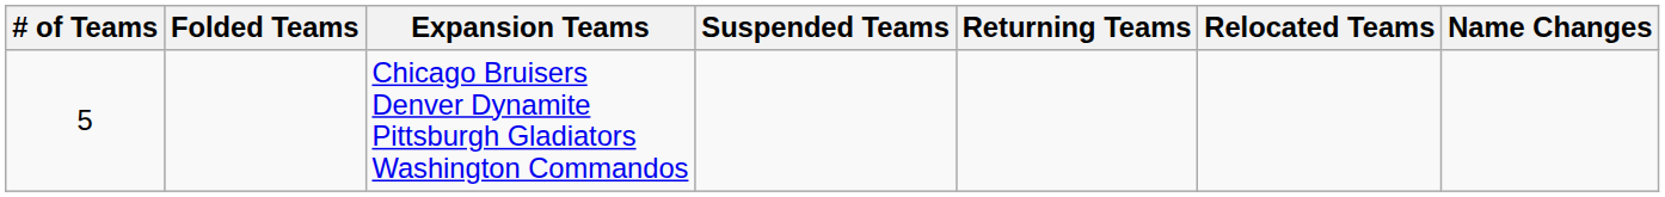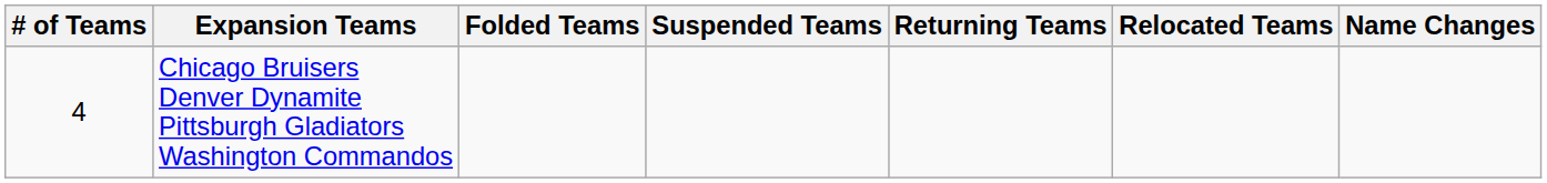 <table class="wikitable">
 <tr>
 <th># of Teams</th>
+<th>Expansion Teams</th>
 <th>Folded Teams</th>
-<th>Expansion Teams</th>
 <th>Suspended Teams</th>
 <th>Returning Teams</th>
 <th>Relocated Teams</th>
 <th>Name Changes</th>
 </tr>
 <tr style="vertical-align:top">
-<td style="text-align:center; vertical-align:middle">5</td>
+<td style="text-align:center; vertical-align:middle">4</td>
+<td><a href='#'>Chicago Bruisers</a><br><a href='#'>Denver Dynamite</a><br><a href='#'>Pittsburgh Gladiators</a><br><a href='#'>Washington Commandos</a></td>
 <td></td>
-<td><a href='#'>Chicago Bruisers</a><br><a href='#'>Denver Dynamite</a><br><a href='#'>Pittsburgh Gladiators</a><br><a href='#'>Washington Commandos</a></td>
 <td></td>
 <td></td>
 <td></td>
 <td></td>
 </tr>
 </table>
